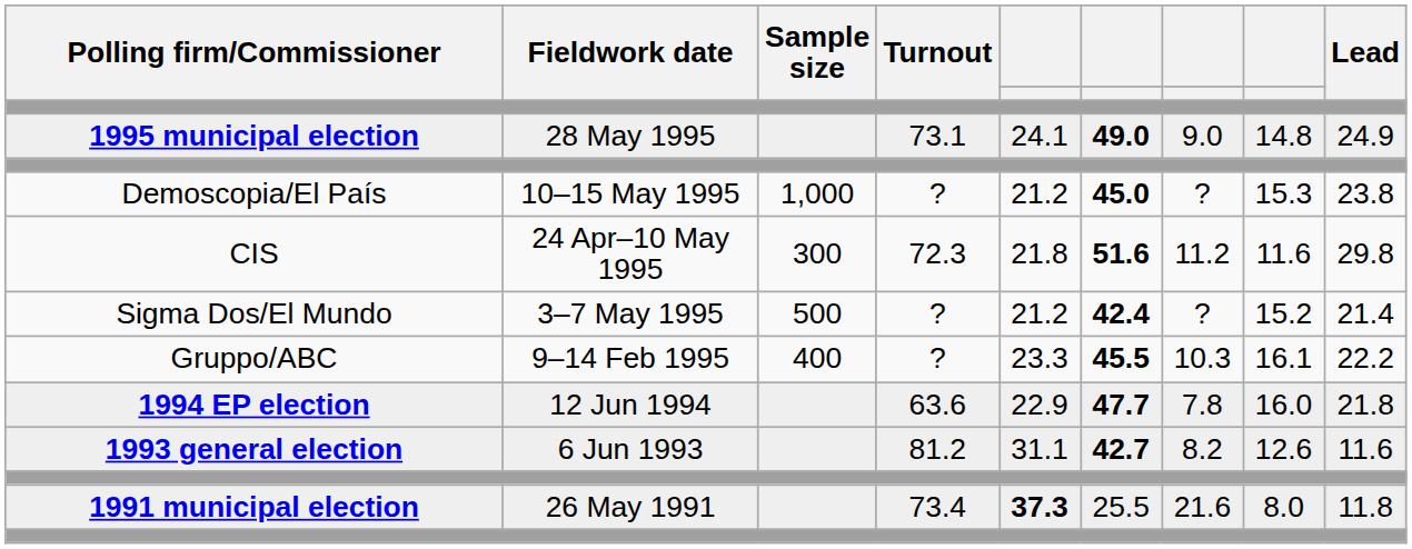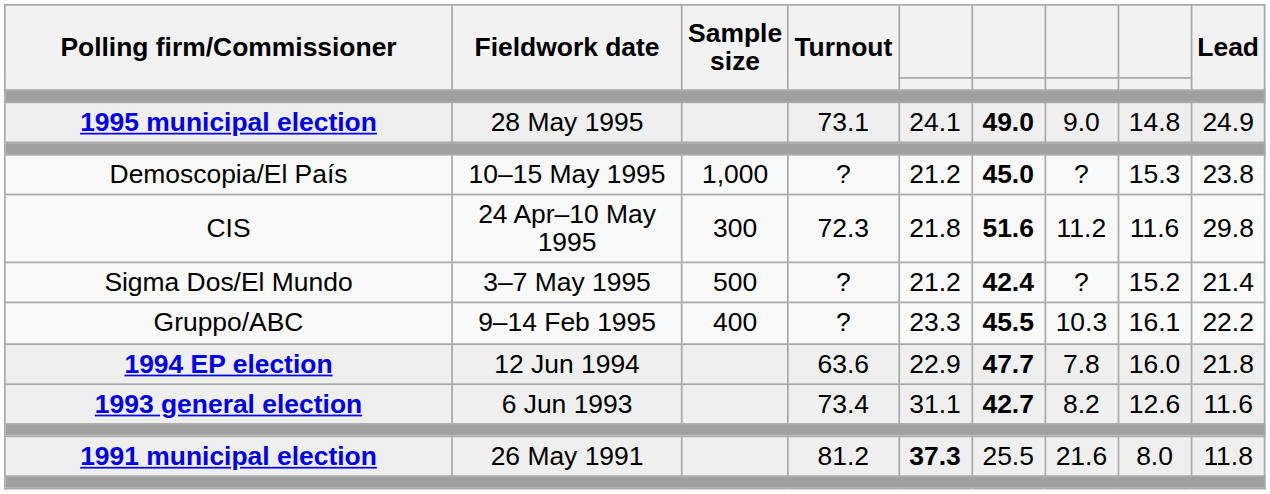 <table class="wikitable collapsible collapsed" style="text-align:center; font-size:95%; line-height:16px;">
 <tr style="height:42px;">
 <th style="width:250px;" rowspan="2">Polling firm/Commissioner</th>
 <th style="width:125px;" rowspan="2">Fieldwork date</th>
 <th style="width:50px;" rowspan="2">Sample size</th>
 <th style="width:45px;" rowspan="2">Turnout</th>
 <th style="width:35px;"></th>
 <th style="width:35px;"></th>
 <th style="width:35px;"></th>
 <th style="width:35px;"></th>
 <th style="width:30px;" rowspan="2">Lead</th>
 </tr>
 <tr>
 <th style="color:inherit;background:"></th>
 <th style="color:inherit;background:"></th>
 <th style="color:inherit;background:"></th>
 <th style="color:inherit;background:"></th>
 </tr>
 <tr>
 <td colspan="9" style="background:#A0A0A0"></td>
 </tr>
 <tr style="background:#EFEFEF;">
 <td><strong><a href='#'>1995 municipal election</a></strong></td>
 <td>28 May 1995</td>
 <td></td>
 <td>73.1</td>
 <td>24.1<br></td>
 <td><strong>49.0</strong><br></td>
 <td>9.0<br></td>
 <td>14.8<br></td>
 <td style="background:">24.9</td>
 </tr>
 <tr>
 <td colspan="9" style="background:#A0A0A0"></td>
 </tr>
 <tr>
 <td>Demoscopia/El País</td>
 <td>10–15 May 1995</td>
 <td>1,000</td>
 <td>?</td>
 <td>21.2<br></td>
 <td><strong>45.0</strong><br></td>
 <td>?<br></td>
 <td>15.3<br></td>
 <td style="background:">23.8</td>
 </tr>
 <tr>
 <td>CIS</td>
 <td>24 Apr–10 May 1995</td>
 <td>300</td>
 <td>72.3</td>
 <td>21.8</td>
 <td><strong>51.6</strong></td>
 <td>11.2</td>
 <td>11.6</td>
 <td style="background:">29.8</td>
 </tr>
 <tr>
 <td>Sigma Dos/El Mundo</td>
 <td>3–7 May 1995</td>
 <td>500</td>
 <td>?</td>
 <td>21.2<br></td>
 <td><strong>42.4</strong><br></td>
 <td>?<br></td>
 <td>15.2<br></td>
 <td style="background:">21.4</td>
 </tr>
 <tr>
 <td>Gruppo/ABC</td>
 <td>9–14 Feb 1995</td>
 <td>400</td>
 <td>?</td>
 <td>23.3<br></td>
 <td><strong>45.5</strong><br></td>
 <td>10.3<br></td>
 <td>16.1<br></td>
 <td style="background:">22.2</td>
 </tr>
 <tr style="background:#EFEFEF;">
 <td><strong><a href='#'>1994 EP election</a></strong></td>
 <td>12 Jun 1994</td>
 <td></td>
 <td>63.6</td>
 <td>22.9<br></td>
 <td><strong>47.7</strong><br></td>
 <td>7.8<br></td>
 <td>16.0<br></td>
 <td style="background:">21.8</td>
 </tr>
 <tr style="background:#EFEFEF;">
 <td><strong><a href='#'>1993 general election</a></strong></td>
 <td>6 Jun 1993</td>
 <td></td>
-<td>81.2</td>
+<td>73.4</td>
 <td>31.1<br></td>
 <td><strong>42.7</strong><br></td>
 <td>8.2<br></td>
 <td>12.6<br></td>
 <td style="background:">11.6</td>
 </tr>
 <tr>
 <td colspan="9" style="background:#A0A0A0"></td>
 </tr>
 <tr style="background:#EFEFEF;">
 <td><strong><a href='#'>1991 municipal election</a></strong></td>
 <td>26 May 1991</td>
 <td></td>
-<td>73.4</td>
+<td>81.2</td>
 <td><strong>37.3</strong><br></td>
 <td>25.5<br></td>
 <td>21.6<br></td>
 <td>8.0<br></td>
 <td style="background:">11.8</td>
 </tr>
 <tr>
 <td colspan="9" style="background:#A0A0A0"></td>
 </tr>
 </table>
